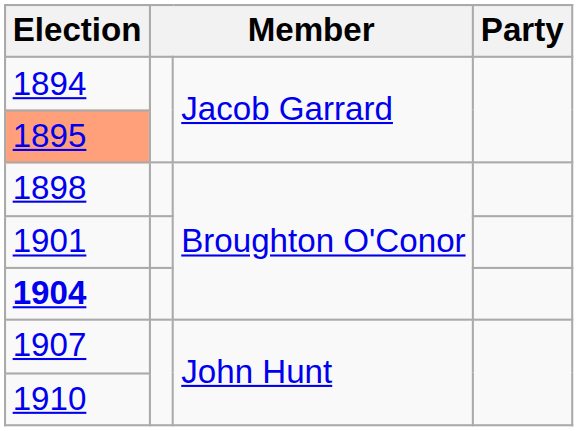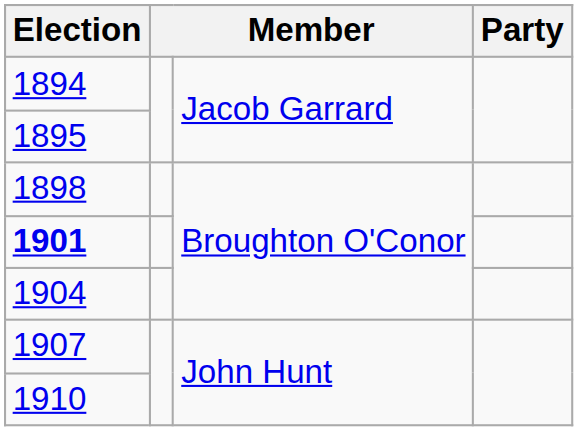 <table class="wikitable">
 <tr>
 <th>Election</th>
 <th colspan="2">Member</th>
 <th>Party</th>
 </tr>
 <tr>
 <td><a href='#'>1894</a></td>
 <td rowspan="2" > </td>
 <td rowspan="2"><a href='#'>Jacob Garrard</a></td>
 <td rowspan="2"></td>
 </tr>
 <tr>
-<td style="background: lightsalmon;"><a href='#'>1895</a></td>
+<td><a href='#'>1895</a></td>
 </tr>
 <tr>
 <td><a href='#'>1898</a></td>
 <td> </td>
 <td rowspan="3"><a href='#'>Broughton O'Conor</a></td>
 <td></td>
 </tr>
 <tr>
-<td><a href='#'>1901</a></td>
+<td><strong><a href='#'>1901</a></strong></td>
 <td> </td>
 <td></td>
 </tr>
 <tr>
-<td><strong><a href='#'>1904</a></strong></td>
+<td><a href='#'>1904</a></td>
 <td> </td>
 <td></td>
 </tr>
 <tr>
 <td><a href='#'>1907</a></td>
 <td rowspan="2" > </td>
 <td rowspan="2"><a href='#'>John Hunt</a></td>
 <td rowspan="2"></td>
 </tr>
 <tr>
 <td><a href='#'>1910</a></td>
 </tr>
 </table>
